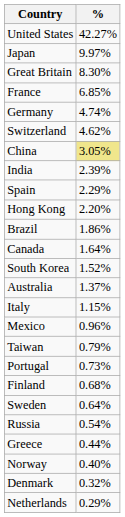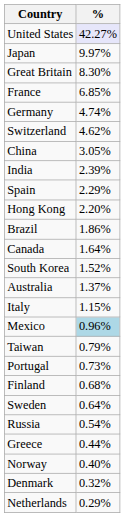 <table class="wikitable sortable">
 <tr>
 <th>Country</th>
 <th>%</th>
 </tr>
 <tr>
 <td>United States</td>
-<td>42.27%</td>
+<td style="background: lavender;">42.27%</td>
 </tr>
 <tr>
 <td>Japan</td>
 <td>9.97%</td>
 </tr>
 <tr>
 <td>Great Britain</td>
 <td>8.30%</td>
 </tr>
 <tr>
 <td>France</td>
 <td>6.85%</td>
 </tr>
 <tr>
 <td>Germany</td>
 <td>4.74%</td>
 </tr>
 <tr>
 <td>Switzerland</td>
 <td>4.62%</td>
 </tr>
 <tr>
 <td>China</td>
-<td style="background: khaki;">3.05%</td>
+<td>3.05%</td>
 </tr>
 <tr>
 <td>India</td>
 <td>2.39%</td>
 </tr>
 <tr>
 <td>Spain</td>
 <td>2.29%</td>
 </tr>
 <tr>
 <td>Hong Kong</td>
 <td>2.20%</td>
 </tr>
 <tr>
 <td>Brazil</td>
 <td>1.86%</td>
 </tr>
 <tr>
 <td>Canada</td>
 <td>1.64%</td>
 </tr>
 <tr>
 <td>South Korea</td>
 <td>1.52%</td>
 </tr>
 <tr>
 <td>Australia</td>
 <td>1.37%</td>
 </tr>
 <tr>
 <td>Italy</td>
 <td>1.15%</td>
 </tr>
 <tr>
 <td>Mexico</td>
-<td>0.96%</td>
+<td style="background: lightblue;">0.96%</td>
 </tr>
 <tr>
 <td>Taiwan</td>
 <td>0.79%</td>
 </tr>
 <tr>
 <td>Portugal</td>
 <td>0.73%</td>
 </tr>
 <tr>
 <td>Finland</td>
 <td>0.68%</td>
 </tr>
 <tr>
 <td>Sweden</td>
 <td>0.64%</td>
 </tr>
 <tr>
 <td>Russia</td>
 <td>0.54%</td>
 </tr>
 <tr>
 <td>Greece</td>
 <td>0.44%</td>
 </tr>
 <tr>
 <td>Norway</td>
 <td>0.40%</td>
 </tr>
 <tr>
 <td>Denmark</td>
 <td>0.32%</td>
 </tr>
 <tr>
 <td>Netherlands</td>
 <td>0.29%</td>
 </tr>
 </table>
